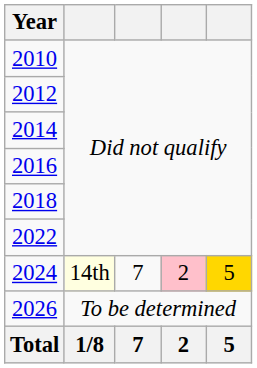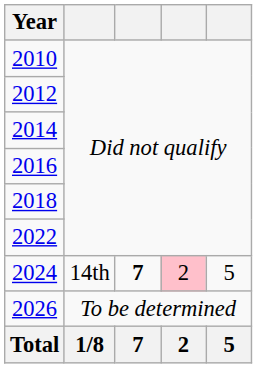 <table class="wikitable" style="text-align:center">
 <tr>
 <th>Year</th>
 <th></th>
 <th width=25></th>
 <th width=25></th>
 <th width=25></th>
 </tr>
 <tr>
 <td> <a href='#'>2010</a></td>
 <td rowspan=6 colspan=4><em>Did not qualify</em></td>
 </tr>
 <tr>
 <td> <a href='#'>2012</a></td>
 </tr>
 <tr>
 <td> <a href='#'>2014</a></td>
 </tr>
 <tr>
 <td> <a href='#'>2016</a></td>
 </tr>
 <tr>
 <td> <a href='#'>2018</a></td>
 </tr>
 <tr>
 <td> <a href='#'>2022</a></td>
 </tr>
 <tr>
 <td> <a href='#'>2024</a></td>
-<td style="background: lightyellow;">14th</td>
-<td>7</td>
+<td>14th</td>
+<td><strong>7</strong></td>
 <td style="background: pink;">2</td>
-<td style="background: gold;">5</td>
+<td>5</td>
 </tr>
 <tr>
 <td> <a href='#'>2026</a></td>
 <td colspan=4><em>To be determined</em></td>
 </tr>
 <tr>
 <th>Total</th>
 <th>1/8</th>
 <th>7</th>
 <th>2</th>
 <th>5</th>
 </tr>
 </table>
